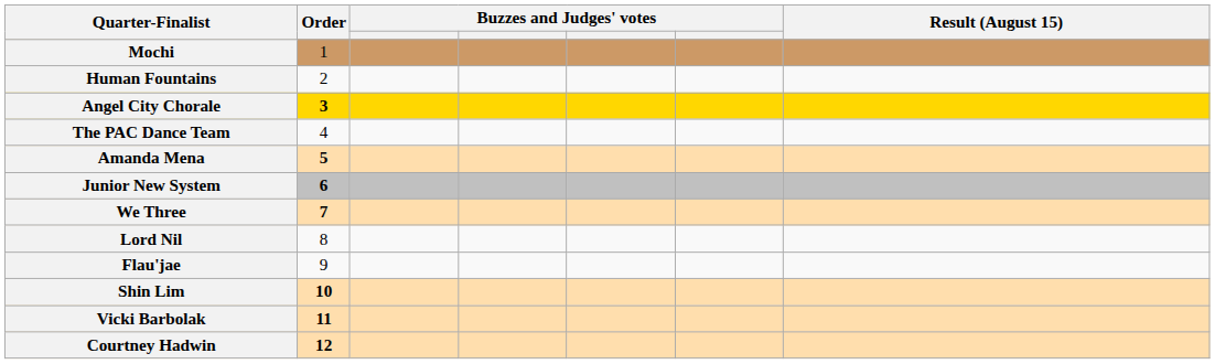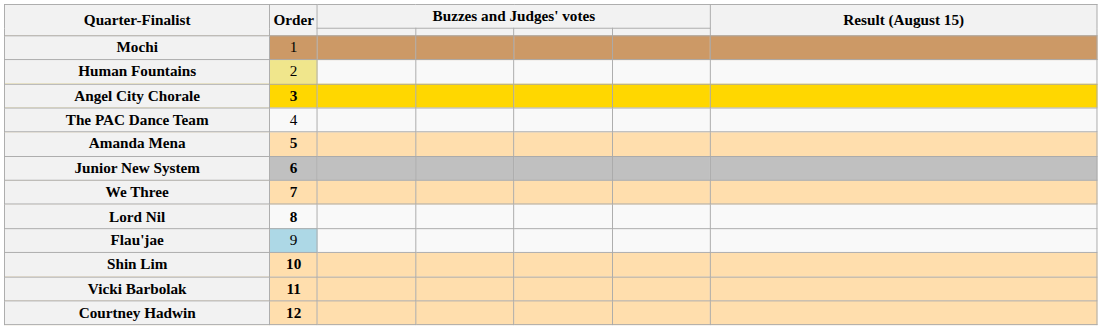 <table class="wikitable plainrowheaders sortable" style="text-align:center;">
 <tr>
 <th scope="col" rowspan="2" class="unsortable" style="width:17em;">Quarter-Finalist</th>
 <th scope="col" rowspan="2" style="width:1em;">Order</th>
 <th scope="col" colspan="4" class="unsortable" style="width:24em;">Buzzes and Judges' votes</th>
 <th scope="col" rowspan="2" style="width:25em;">Result (August 15)</th>
 </tr>
 <tr>
 <th scope="col" class="unsortable" style="width:6em;"></th>
 <th scope="col" class="unsortable" style="width:6em;"></th>
 <th scope="col" class="unsortable" style="width:6em;"></th>
 <th scope="col" class="unsortable" style="width:6em;"></th>
 </tr>
 <tr style="background:#c96">
 <th scope="row">Mochi</th>
 <td>1</td>
 <td style="text-align:center;"></td>
 <td style="text-align:center;"></td>
 <td style="text-align:center;"></td>
 <td style="text-align:center;"></td>
 <td></td>
 </tr>
 <tr>
 <th scope="row">Human Fountains</th>
-<td>2</td>
+<td style="background: khaki;">2</td>
 <td style="text-align:center;"></td>
 <td style="text-align:center;"></td>
 <td style="text-align:center;"></td>
 <td style="text-align:center;"></td>
 <td></td>
 </tr>
 <tr style="background:gold">
 <th scope="row"><strong>Angel City Chorale</strong></th>
 <td><strong>3</strong></td>
 <td style="text-align:center;"></td>
 <td style="text-align:center;"></td>
 <td style="text-align:center;"></td>
 <td style="text-align:center;"></td>
 <td><strong></strong></td>
 </tr>
 <tr>
 <th scope="row">The PAC Dance Team</th>
 <td>4</td>
 <td style="text-align:center;"></td>
 <td style="text-align:center;"></td>
 <td style="text-align:center;"></td>
 <td style="text-align:center;"></td>
 <td></td>
 </tr>
 <tr style="background:NavajoWhite">
 <th scope="row"><strong>Amanda Mena</strong></th>
 <td><strong>5</strong></td>
 <td style="text-align:center;"></td>
 <td style="text-align:center;"></td>
 <td style="text-align:center;"></td>
 <td style="text-align:center;"></td>
 <td><strong></strong></td>
 </tr>
 <tr style="background:silver">
 <th scope="row"><strong>Junior New System</strong></th>
 <td><strong>6</strong></td>
 <td style="text-align:center;"></td>
 <td style="text-align:center;"></td>
 <td style="text-align:center;"></td>
 <td style="text-align:center;"></td>
 <td><strong></strong></td>
 </tr>
 <tr style="background:NavajoWhite">
 <th scope="row"><strong>We Three</strong></th>
 <td><strong>7</strong></td>
 <td style="text-align:center;"></td>
 <td style="text-align:center;"></td>
 <td style="text-align:center;"></td>
 <td style="text-align:center;"></td>
 <td><strong></strong></td>
 </tr>
 <tr>
 <th scope="row">Lord Nil</th>
-<td>8</td>
+<td><strong>8</strong></td>
 <td style="text-align:center;"></td>
 <td style="text-align:center;"></td>
 <td style="text-align:center;"></td>
 <td style="text-align:center;"></td>
 <td></td>
 </tr>
 <tr>
 <th scope="row">Flau'jae</th>
-<td>9</td>
+<td style="background: lightblue;">9</td>
 <td style="text-align:center;"></td>
 <td style="text-align:center;"></td>
 <td style="text-align:center;"></td>
 <td style="text-align:center;"></td>
 <td></td>
 </tr>
 <tr style="background:NavajoWhite">
 <th scope="row"><strong>Shin Lim</strong></th>
 <td><strong>10</strong></td>
 <td style="text-align:center;"></td>
 <td style="text-align:center;"></td>
 <td style="text-align:center;"></td>
 <td style="text-align:center;"></td>
 <td><strong></strong></td>
 </tr>
 <tr style="background:NavajoWhite">
 <th scope="row"><strong>Vicki Barbolak</strong></th>
 <td><strong>11</strong></td>
 <td style="text-align:center;"></td>
 <td style="text-align:center;"></td>
 <td style="text-align:center;"></td>
 <td style="text-align:center;"></td>
 <td><strong></strong></td>
 </tr>
 <tr style="background:NavajoWhite">
 <th scope="row"><strong>Courtney Hadwin</strong></th>
 <td><strong>12</strong></td>
 <td style="text-align:center;"></td>
 <td style="text-align:center;"></td>
 <td style="text-align:center;"></td>
 <td style="text-align:center;"></td>
 <td><strong></strong></td>
 </tr>
 </table>
